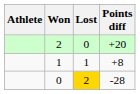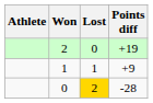 <table class="wikitable">
 <tr>
 <th>Athlete</th>
 <th>Won</th>
 <th>Lost</th>
 <th>Points<br>diff</th>
 </tr>
 <tr bgcolor="#ccffcc">
 <td></td>
 <td align="center">2</td>
 <td align="center">0</td>
-<td align="center">+20</td>
+<td align="center">+19</td>
 </tr>
 <tr>
 <td></td>
 <td align="center">1</td>
 <td align="center">1</td>
-<td align="center">+8</td>
+<td align="center">+9</td>
 </tr>
 <tr>
 <td></td>
 <td align="center">0</td>
 <td align="center" style="background: gold;">2</td>
 <td align="center">-28</td>
 </tr>
 </table>
